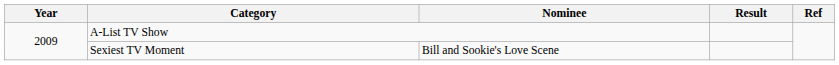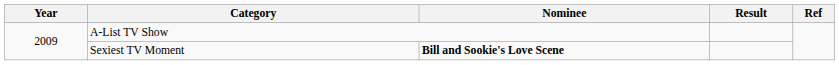 <table class="wikitable" width="90%">
 <tr>
 <th width="10%">Year</th>
 <th width="40%">Category</th>
 <th width="35%">Nominee</th>
 <th width="10%">Result</th>
 <th width="5%">Ref</th>
 </tr>
 <tr>
 <td rowspan="2" align="center">2009</td>
 <td colspan="2">A-List TV Show</td>
 <td></td>
 <td rowspan="2" align="center"></td>
 </tr>
 <tr>
 <td>Sexiest TV Moment</td>
-<td>Bill and Sookie's Love Scene</td>
+<td><strong>Bill and Sookie's Love Scene</strong></td>
 <td></td>
 </tr>
 </table>
